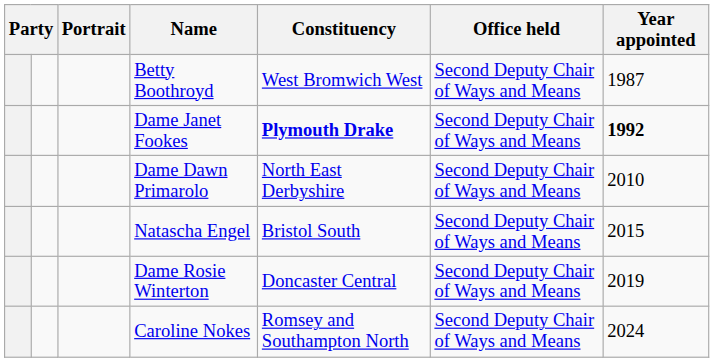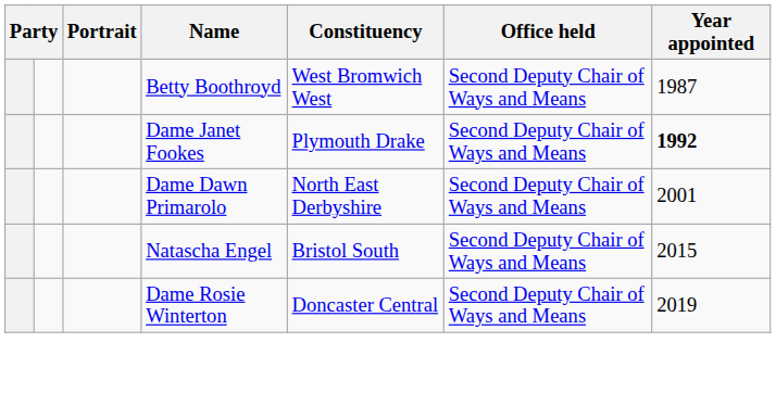 <table class="wikitable sortable">
 <tr>
 <th colspan=2>Party</th>
 <th>Portrait</th>
 <th>Name</th>
 <th>Constituency</th>
 <th>Office held</th>
 <th>Year appointed</th>
 </tr>
 <tr>
 <th style="background-color: "></th>
 <td></td>
 <td></td>
 <td><a href='#'>Betty Boothroyd</a></td>
 <td><a href='#'>West Bromwich West</a></td>
 <td><a href='#'>Second Deputy Chair of Ways and Means</a></td>
 <td>1987</td>
 </tr>
 <tr>
 <th style="background-color: "></th>
 <td></td>
 <td></td>
 <td><a href='#'>Dame Janet Fookes</a></td>
-<td><strong><a href='#'>Plymouth Drake</a></strong></td>
+<td><a href='#'>Plymouth Drake</a></td>
 <td><a href='#'>Second Deputy Chair of Ways and Means</a></td>
 <td><strong>1992</strong></td>
 </tr>
 <tr>
 <th style="background-color: "></th>
 <td></td>
 <td></td>
 <td><a href='#'>Dame Dawn Primarolo</a></td>
 <td><a href='#'>North East Derbyshire</a></td>
 <td><a href='#'>Second Deputy Chair of Ways and Means</a></td>
-<td>2010</td>
+<td>2001</td>
 </tr>
 <tr>
 <th style="background-color: "></th>
 <td></td>
 <td></td>
 <td><a href='#'>Natascha Engel</a></td>
 <td><a href='#'>Bristol South</a></td>
 <td><a href='#'>Second Deputy Chair of Ways and Means</a></td>
 <td>2015</td>
 </tr>
 <tr>
 <th style="background-color: "></th>
 <td></td>
 <td></td>
 <td><a href='#'>Dame Rosie Winterton</a></td>
 <td><a href='#'>Doncaster Central</a></td>
 <td><a href='#'>Second Deputy Chair of Ways and Means</a></td>
 <td>2019</td>
 </tr>
-<tr>
-<th style="background-color: "></th>
-<td></td>
-<td></td>
-<td><a href='#'>Caroline Nokes</a></td>
-<td><a href='#'>Romsey and Southampton North</a></td>
-<td><a href='#'>Second Deputy Chair of Ways and Means</a></td>
-<td>2024</td>
-</tr>
 </table>
